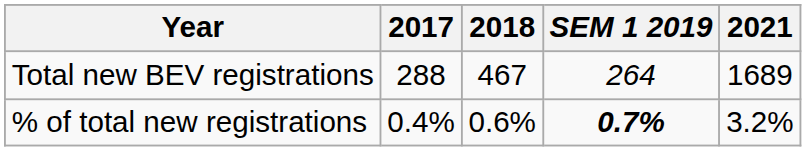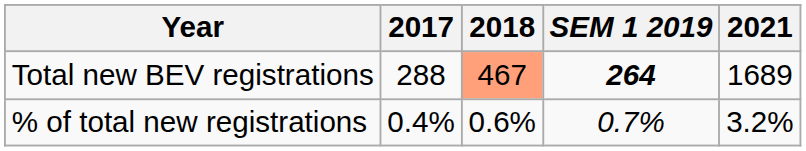 <table class="wikitable" style="text-align:center">
 <tr>
 <th>Year</th>
 <th>2017</th>
 <th>2018</th>
 <th><em>SEM 1 2019</em></th>
 <th>2021</th>
 </tr>
 <tr>
 <td align=left>Total new BEV registrations</td>
 <td>288</td>
-<td>467</td>
-<td><em>264</em></td>
+<td style="background: lightsalmon;">467</td>
+<td><strong><em>264</em></strong></td>
 <td>1689</td>
 </tr>
 <tr>
 <td align=left>% of total new registrations</td>
 <td>0.4%</td>
 <td>0.6%</td>
-<td><strong><em>0.7%</em></strong></td>
+<td><em>0.7%</em></td>
 <td>3.2%</td>
 </tr>
 </table>
